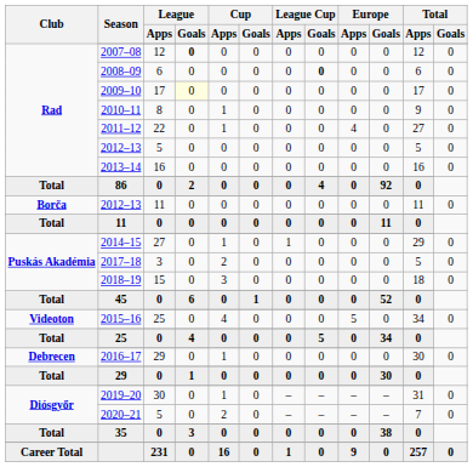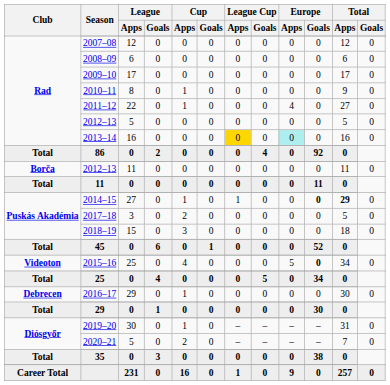 <table class="wikitable" style="font-size:90%; text-align: center;">
 <tr>
 <th rowspan="2">Club</th>
 <th rowspan="2">Season</th>
 <th colspan="2">League</th>
 <th colspan="2">Cup</th>
 <th colspan="2">League Cup</th>
 <th colspan="2">Europe</th>
 <th colspan="2">Total</th>
 </tr>
 <tr>
 <th>Apps</th>
 <th>Goals</th>
 <th>Apps</th>
 <th>Goals</th>
 <th>Apps</th>
 <th>Goals</th>
 <th>Apps</th>
 <th>Goals</th>
 <th>Apps</th>
 <th>Goals</th>
 </tr>
 <tr ||-||-||-|->
 <td rowspan="9" valign="center"><strong><a href='#'>Rad</a></strong></td>
 </tr>
 <tr>
 <td><a href='#'>2007–08</a></td>
 <td>12</td>
-<td><strong>0</strong></td>
+<td>0</td>
 <td>0</td>
 <td>0</td>
 <td>0</td>
 <td>0</td>
 <td>0</td>
 <td>0</td>
 <td>12</td>
 <td>0</td>
 </tr>
 <tr>
 <td><a href='#'>2008–09</a></td>
 <td>6</td>
 <td>0</td>
 <td>0</td>
 <td>0</td>
 <td>0</td>
-<td><strong>0</strong></td>
+<td>0</td>
 <td>0</td>
 <td>0</td>
 <td>6</td>
 <td>0</td>
 </tr>
 <tr>
 <td><a href='#'>2009–10</a></td>
 <td>17</td>
-<td style="background: lightyellow;">0</td>
+<td>0</td>
 <td>0</td>
 <td>0</td>
 <td>0</td>
 <td>0</td>
 <td>0</td>
 <td>0</td>
 <td>17</td>
 <td>0</td>
 </tr>
 <tr>
 <td><a href='#'>2010–11</a></td>
 <td>8</td>
 <td>0</td>
 <td>1</td>
 <td>0</td>
 <td>0</td>
 <td>0</td>
 <td>0</td>
 <td>0</td>
 <td>9</td>
 <td>0</td>
 </tr>
 <tr>
 <td><a href='#'>2011–12</a></td>
 <td>22</td>
 <td>0</td>
 <td>1</td>
 <td>0</td>
 <td>0</td>
 <td>0</td>
 <td>4</td>
 <td>0</td>
 <td>27</td>
 <td>0</td>
 </tr>
 <tr>
 <td><a href='#'>2012–13</a></td>
 <td>5</td>
 <td>0</td>
 <td>0</td>
 <td>0</td>
 <td>0</td>
 <td>0</td>
 <td>0</td>
 <td>0</td>
 <td>5</td>
 <td>0</td>
 </tr>
 <tr>
 <td><a href='#'>2013–14</a></td>
 <td>16</td>
 <td>0</td>
 <td>0</td>
 <td>0</td>
+<td style="background: gold;">0</td>
 <td>0</td>
-<td>0</td>
-<td>0</td>
+<td style="background: paleturquoise;">0</td>
 <td>0</td>
 <td>16</td>
 <td>0</td>
 </tr>
 <tr>
 </tr>
 <tr style="font-weight:bold; background-color:#eeeeee;">
 <td>Total</td>
 <td>86</td>
 <td>0</td>
 <td>2</td>
 <td>0</td>
 <td>0</td>
 <td>0</td>
 <td>4</td>
 <td>0</td>
 <td>92</td>
 <td>0</td>
 </tr>
 <tr>
 <td rowspan="3" valign="center"><strong><a href='#'>Borča</a></strong></td>
 </tr>
 <tr>
 <td><a href='#'>2012–13</a></td>
 <td>11</td>
 <td>0</td>
 <td>0</td>
 <td>0</td>
 <td>0</td>
 <td>0</td>
 <td>0</td>
 <td>0</td>
 <td>11</td>
 <td>0</td>
 </tr>
 <tr>
 </tr>
 <tr style="font-weight:bold; background-color:#eeeeee;">
 <td>Total</td>
 <td>11</td>
 <td>0</td>
 <td>0</td>
 <td>0</td>
 <td>0</td>
 <td>0</td>
 <td>0</td>
 <td>0</td>
 <td>11</td>
 <td>0</td>
 </tr>
 <tr>
 <td rowspan="5" valign="center"><strong><a href='#'>Puskás Akadémia</a></strong></td>
 </tr>
 <tr>
 <td><a href='#'>2014–15</a></td>
 <td>27</td>
 <td>0</td>
 <td>1</td>
 <td>0</td>
 <td>1</td>
 <td>0</td>
 <td>0</td>
-<td>0</td>
-<td>29</td>
+<td><strong>0</strong></td>
+<td><strong>29</strong></td>
 <td>0</td>
 </tr>
 <tr>
 <td><a href='#'>2017–18</a></td>
 <td>3</td>
 <td>0</td>
 <td>2</td>
 <td>0</td>
 <td>0</td>
 <td>0</td>
 <td>0</td>
 <td>0</td>
 <td>5</td>
 <td>0</td>
 </tr>
 <tr>
 <td><a href='#'>2018–19</a></td>
 <td>15</td>
 <td>0</td>
 <td>3</td>
 <td>0</td>
 <td>0</td>
 <td>0</td>
 <td>0</td>
 <td>0</td>
 <td>18</td>
 <td>0</td>
 </tr>
 <tr>
 </tr>
 <tr style="font-weight:bold; background-color:#eeeeee;">
 <td>Total</td>
 <td>45</td>
 <td>0</td>
 <td>6</td>
 <td>0</td>
 <td>1</td>
 <td>0</td>
 <td>0</td>
 <td>0</td>
 <td>52</td>
 <td>0</td>
 </tr>
 <tr>
 <td rowspan="3" valign="center"><strong><a href='#'>Videoton</a></strong></td>
 </tr>
 <tr>
 <td><a href='#'>2015–16</a></td>
 <td>25</td>
 <td>0</td>
 <td>4</td>
 <td>0</td>
 <td>0</td>
 <td>0</td>
 <td>5</td>
-<td>0</td>
+<td><strong>0</strong></td>
 <td>34</td>
 <td>0</td>
 </tr>
 <tr>
 </tr>
 <tr style="font-weight:bold; background-color:#eeeeee;">
 <td>Total</td>
 <td>25</td>
 <td>0</td>
 <td>4</td>
 <td>0</td>
 <td>0</td>
 <td>0</td>
 <td>5</td>
 <td>0</td>
 <td>34</td>
 <td>0</td>
 </tr>
 <tr>
 <td rowspan="3" valign="center"><strong><a href='#'>Debrecen</a></strong></td>
 </tr>
 <tr>
 <td><a href='#'>2016–17</a></td>
 <td>29</td>
 <td>0</td>
 <td>1</td>
 <td>0</td>
 <td>0</td>
 <td>0</td>
 <td>0</td>
 <td>0</td>
 <td>30</td>
 <td>0</td>
 </tr>
 <tr>
 </tr>
 <tr style="font-weight:bold; background-color:#eeeeee;">
 <td>Total</td>
 <td>29</td>
 <td>0</td>
 <td>1</td>
 <td>0</td>
 <td>0</td>
 <td>0</td>
 <td>0</td>
 <td>0</td>
 <td>30</td>
 <td>0</td>
 </tr>
 <tr>
 <td rowspan="4" valign="center"><strong><a href='#'>Diósgyőr</a></strong></td>
 </tr>
 <tr>
 <td><a href='#'>2019–20</a></td>
 <td>30</td>
 <td>0</td>
 <td>1</td>
 <td>0</td>
 <td>–</td>
 <td>–</td>
 <td>–</td>
 <td>–</td>
 <td>31</td>
 <td>0</td>
 </tr>
 <tr>
 <td><a href='#'>2020–21</a></td>
 <td>5</td>
 <td>0</td>
 <td>2</td>
 <td>0</td>
 <td>–</td>
 <td>–</td>
 <td>–</td>
 <td>–</td>
 <td>7</td>
 <td>0</td>
 </tr>
 <tr>
 </tr>
 <tr style="font-weight:bold; background-color:#eeeeee;">
 <td>Total</td>
 <td>35</td>
 <td>0</td>
 <td>3</td>
 <td>0</td>
 <td>0</td>
 <td>0</td>
 <td>0</td>
 <td>0</td>
 <td>38</td>
 <td>0</td>
 </tr>
 <tr>
 </tr>
 <tr style="font-weight:bold; background-color:#eeeeee;">
 <td rowspan="2" valign="top"><strong>Career Total</strong></td>
 <td></td>
 <td><strong>231</strong></td>
 <td><strong>0</strong></td>
 <td><strong>16</strong></td>
 <td><strong>0</strong></td>
 <td><strong>1</strong></td>
 <td><strong>0</strong></td>
 <td><strong>9</strong></td>
 <td><strong>0</strong></td>
 <td><strong>257</strong></td>
 <td><strong>0</strong></td>
 </tr>
 </table>
